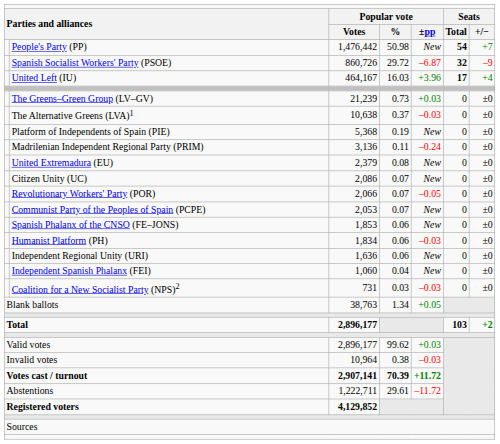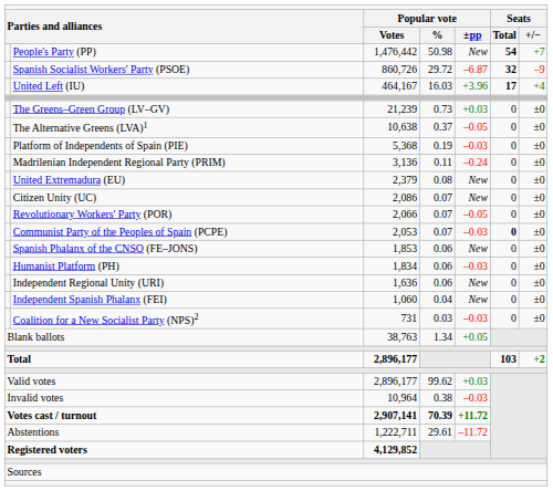 <table class="wikitable" style="text-align:right;">
 <tr>
 <td colspan="7"></td>
 </tr>
 <tr>
 <th style="text-align:left;" rowspan="2" colspan="2" width="525">Parties and alliances</th>
 <th colspan="3">Popular vote</th>
 <th colspan="2">Seats</th>
 </tr>
 <tr>
 <th width="75">Votes</th>
 <th width="45">%</th>
 <th width="45">±<a href='#'>pp</a></th>
 <th width="35">Total</th>
 <th width="35">+/−</th>
 </tr>
 <tr>
 <td width="1" style="color:inherit;background:"></td>
 <td align="left"><a href='#'>People's Party</a> (PP)</td>
 <td>1,476,442</td>
 <td>50.98</td>
 <td><em>New</em></td>
 <td><strong>54</strong></td>
 <td style="color:green;">+7</td>
 </tr>
 <tr>
 <td style="color:inherit;background:"></td>
 <td align="left"><a href='#'>Spanish Socialist Workers' Party</a> (PSOE)</td>
 <td>860,726</td>
 <td>29.72</td>
 <td style="color:red;">–6.87</td>
 <td><strong>32</strong></td>
 <td style="color:red;">–9</td>
 </tr>
 <tr>
 <td style="color:inherit;background:"></td>
 <td align="left"><a href='#'>United Left</a> (IU)</td>
 <td>464,167</td>
 <td>16.03</td>
 <td style="color:green;">+3.96</td>
 <td><strong>17</strong></td>
 <td style="color:green;">+4</td>
 </tr>
 <tr>
 <td colspan="7" bgcolor="#C0C0C0"></td>
 </tr>
 <tr>
 <td style="color:inherit;background:"></td>
 <td align="left"><a href='#'>The Greens–Green Group</a> (LV–GV)</td>
 <td>21,239</td>
 <td>0.73</td>
 <td style="color:green;">+0.03</td>
 <td>0</td>
 <td>±0</td>
 </tr>
 <tr>
 <td style="color:inherit;background:"></td>
 <td align="left">The Alternative Greens (LVA)<sup>1</sup></td>
 <td>10,638</td>
 <td>0.37</td>
-<td style="color:red;">–0.03</td>
+<td style="color:red;">–0.05</td>
 <td>0</td>
 <td>±0</td>
 </tr>
 <tr>
 <td style="color:inherit;background:"></td>
 <td align="left">Platform of Independents of Spain (PIE)</td>
 <td>5,368</td>
 <td>0.19</td>
-<td><em>New</em></td>
+<td style="color:red;">–0.03</td>
 <td>0</td>
 <td>±0</td>
 </tr>
 <tr>
 <td style="color:inherit;background:"></td>
 <td align="left">Madrilenian Independent Regional Party (PRIM)</td>
 <td>3,136</td>
 <td>0.11</td>
 <td style="color:red;">–0.24</td>
 <td>0</td>
 <td>±0</td>
 </tr>
 <tr>
 <td style="color:inherit;background:"></td>
 <td align="left"><a href='#'>United Extremadura</a> (EU)</td>
 <td>2,379</td>
 <td>0.08</td>
 <td><em>New</em></td>
 <td>0</td>
 <td>±0</td>
 </tr>
 <tr>
 <td style="color:inherit;background:"></td>
 <td align="left">Citizen Unity (UC)</td>
 <td>2,086</td>
 <td>0.07</td>
 <td><em>New</em></td>
 <td>0</td>
 <td>±0</td>
 </tr>
 <tr>
 <td style="color:inherit;background:"></td>
 <td align="left"><a href='#'>Revolutionary Workers' Party</a> (POR)</td>
 <td>2,066</td>
 <td>0.07</td>
 <td style="color:red;">–0.05</td>
 <td>0</td>
 <td>±0</td>
 </tr>
 <tr>
 <td style="color:inherit;background:"></td>
 <td align="left"><a href='#'>Communist Party of the Peoples of Spain</a> (PCPE)</td>
 <td>2,053</td>
 <td>0.07</td>
-<td><em>New</em></td>
-<td>0</td>
+<td style="color:red;">–0.03</td>
+<td><strong>0</strong></td>
 <td>±0</td>
 </tr>
 <tr>
 <td style="color:inherit;background:"></td>
 <td align="left"><a href='#'>Spanish Phalanx of the CNSO</a> (FE–JONS)</td>
 <td>1,853</td>
 <td>0.06</td>
 <td><em>New</em></td>
 <td>0</td>
 <td>±0</td>
 </tr>
 <tr>
 <td style="color:inherit;background:"></td>
 <td align="left"><a href='#'>Humanist Platform</a> (PH)</td>
 <td>1,834</td>
 <td>0.06</td>
 <td style="color:red;">–0.03</td>
 <td>0</td>
 <td>±0</td>
 </tr>
 <tr>
 <td style="color:inherit;background:"></td>
 <td align="left">Independent Regional Unity (URI)</td>
 <td>1,636</td>
 <td>0.06</td>
 <td><em>New</em></td>
 <td>0</td>
 <td>±0</td>
 </tr>
 <tr>
 <td style="color:inherit;background:"></td>
 <td align="left"><a href='#'>Independent Spanish Phalanx</a> (FEI)</td>
 <td>1,060</td>
 <td>0.04</td>
 <td><em>New</em></td>
 <td>0</td>
 <td>±0</td>
 </tr>
 <tr>
 <td style="color:inherit;background:"></td>
 <td align="left"><a href='#'>Coalition for a New Socialist Party</a> (NPS)<sup>2</sup></td>
 <td>731</td>
 <td>0.03</td>
 <td style="color:red;">–0.03</td>
 <td>0</td>
 <td>±0</td>
 </tr>
 <tr>
 <td align="left" colspan="2">Blank ballots</td>
 <td>38,763</td>
 <td>1.34</td>
 <td style="color:green;">+0.05</td>
 <td bgcolor="#E9E9E9" colspan="2"></td>
 </tr>
 <tr>
 <td colspan="7" bgcolor="#E9E9E9"></td>
 </tr>
 <tr style="font-weight:bold;">
 <td align="left" colspan="2">Total</td>
 <td>2,896,177</td>
 <td bgcolor="#E9E9E9" colspan="2"></td>
 <td>103</td>
 <td style="color:green;">+2</td>
 </tr>
 <tr>
 <td colspan="7" bgcolor="#E9E9E9"></td>
 </tr>
 <tr>
 <td align="left" colspan="2">Valid votes</td>
 <td>2,896,177</td>
 <td>99.62</td>
 <td style="color:green;">+0.03</td>
 <td bgcolor="#E9E9E9" colspan="2" rowspan="5"></td>
 </tr>
 <tr>
 <td align="left" colspan="2">Invalid votes</td>
 <td>10,964</td>
 <td>0.38</td>
 <td style="color:red;">–0.03</td>
 </tr>
 <tr style="font-weight:bold;">
 <td align="left" colspan="2">Votes cast / turnout</td>
 <td>2,907,141</td>
 <td>70.39</td>
 <td style="color:green;">+11.72</td>
 </tr>
 <tr>
 <td align="left" colspan="2">Abstentions</td>
 <td>1,222,711</td>
 <td>29.61</td>
 <td style="color:red;">–11.72</td>
 </tr>
 <tr style="font-weight:bold;">
 <td align="left" colspan="2">Registered voters</td>
 <td>4,129,852</td>
 <td bgcolor="#E9E9E9" colspan="2"></td>
 </tr>
 <tr>
 <td colspan="7" bgcolor="#E9E9E9"></td>
 </tr>
 <tr>
 <td align="left" colspan="7">Sources</td>
 </tr>
 <tr>
 <td colspan="7" style="text-align:left; max-width:790px;"></td>
 </tr>
 </table>
